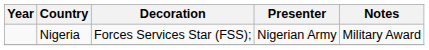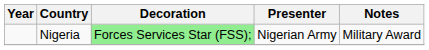 <table class="wikitable">
 <tr>
 <th>Year</th>
 <th>Country</th>
 <th>Decoration</th>
 <th>Presenter</th>
 <th>Notes</th>
 </tr>
 <tr>
 <td></td>
 <td>Nigeria</td>
-<td>Forces Services Star (FSS); </td>
+<td style="background: lightgreen;">Forces Services Star (FSS); </td>
 <td>Nigerian Army</td>
 <td>Military Award</td>
 </tr>
 <tr>
 </tr>
 </table>
